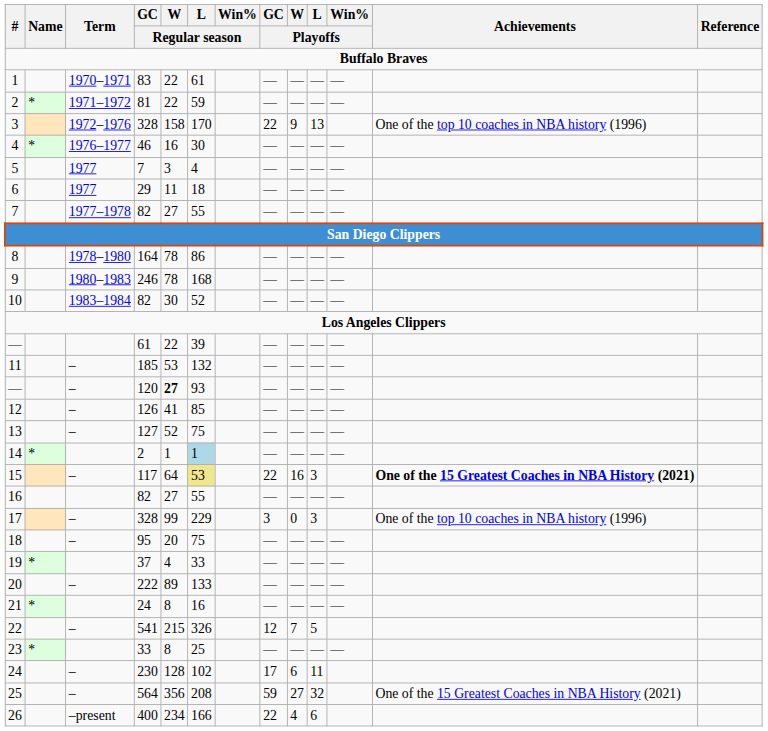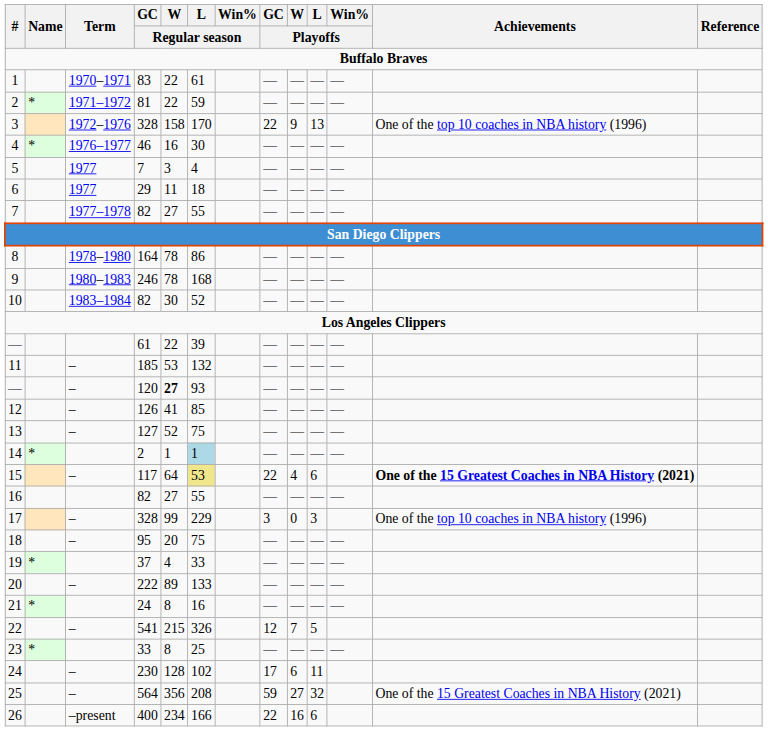 <table class="wikitable sortable">
 <tr>
 <th rowspan="2">#</th>
 <th rowspan="2">Name</th>
 <th rowspan="2">Term</th>
 <th>GC</th>
 <th>W</th>
 <th>L</th>
 <th>Win%</th>
 <th>GC</th>
 <th>W</th>
 <th>L</th>
 <th>Win%</th>
 <th rowspan="2" class=unsortable>Achievements</th>
 <th rowspan="2" class=unsortable>Reference</th>
 </tr>
 <tr class="unsortable">
 <th colspan="4">Regular season</th>
 <th colspan="4">Playoffs</th>
 </tr>
 <tr>
 <td align="center" colspan="16"><strong>Buffalo Braves</strong></td>
 </tr>
 <tr>
 <td align=center>1</td>
 <td></td>
 <td><a href='#'>1970</a>–<a href='#'>1971</a></td>
 <td>83</td>
 <td>22</td>
 <td>61</td>
 <td></td>
 <td>—</td>
 <td>—</td>
 <td>—</td>
 <td>—</td>
 <td></td>
 <td align=center></td>
 </tr>
 <tr>
 <td align=center>2</td>
 <td style="background:#dfd;">*</td>
 <td><a href='#'>1971–1972</a></td>
 <td>81</td>
 <td>22</td>
 <td>59</td>
 <td></td>
 <td>—</td>
 <td>—</td>
 <td>—</td>
 <td>—</td>
 <td></td>
 <td align=center></td>
 </tr>
 <tr>
 <td align=center>3</td>
 <td style="background:#ffe6bd;"></td>
 <td><a href='#'>1972</a>–<a href='#'>1976</a></td>
 <td>328</td>
 <td>158</td>
 <td>170</td>
 <td></td>
 <td>22</td>
 <td>9</td>
 <td>13</td>
 <td></td>
 <td>One of the <a href='#'>top 10 coaches in NBA history</a> (1996)</td>
 <td align=center></td>
 </tr>
 <tr>
 <td align=center>4</td>
 <td style="background:#dfd;">*</td>
 <td><a href='#'>1976–1977</a></td>
 <td>46</td>
 <td>16</td>
 <td>30</td>
 <td></td>
 <td>—</td>
 <td>—</td>
 <td>—</td>
 <td>—</td>
 <td></td>
 <td align=center></td>
 </tr>
 <tr>
 <td align=center>5</td>
 <td></td>
 <td><a href='#'>1977</a></td>
 <td>7</td>
 <td>3</td>
 <td>4</td>
 <td></td>
 <td>—</td>
 <td>—</td>
 <td>—</td>
 <td>—</td>
 <td></td>
 <td align=center></td>
 </tr>
 <tr>
 <td align=center>6</td>
 <td></td>
 <td><a href='#'>1977</a></td>
 <td>29</td>
 <td>11</td>
 <td>18</td>
 <td></td>
 <td>—</td>
 <td>—</td>
 <td>—</td>
 <td>—</td>
 <td></td>
 <td align=center></td>
 </tr>
 <tr>
 <td align=center>7</td>
 <td></td>
 <td><a href='#'>1977–1978</a></td>
 <td>82</td>
 <td>27</td>
 <td>55</td>
 <td></td>
 <td>—</td>
 <td>—</td>
 <td>—</td>
 <td>—</td>
 <td></td>
 <td align=center></td>
 </tr>
 <tr>
 <td align="center" colspan="16" style="background-color:#3E8ED3; color:#FFFFFF; border:2px solid #E24301;"><strong>San Diego Clippers</strong></td>
 </tr>
 <tr>
 <td align=center>8</td>
 <td></td>
 <td><a href='#'>1978</a>–<a href='#'>1980</a></td>
 <td>164</td>
 <td>78</td>
 <td>86</td>
 <td></td>
 <td>—</td>
 <td>—</td>
 <td>—</td>
 <td>—</td>
 <td></td>
 <td align=center></td>
 </tr>
 <tr>
 <td align=center>9</td>
 <td></td>
 <td><a href='#'>1980</a>–<a href='#'>1983</a></td>
 <td>246</td>
 <td>78</td>
 <td>168</td>
 <td></td>
 <td>—</td>
 <td>—</td>
 <td>—</td>
 <td>—</td>
 <td></td>
 <td align=center></td>
 </tr>
 <tr>
 <td align=center>10</td>
 <td></td>
 <td><a href='#'>1983–1984</a></td>
 <td>82</td>
 <td>30</td>
 <td>52</td>
 <td></td>
 <td>—</td>
 <td>—</td>
 <td>—</td>
 <td>—</td>
 <td></td>
 <td align=center></td>
 </tr>
 <tr>
 <td align="center" colspan="16"><strong>Los Angeles Clippers</strong></td>
 </tr>
 <tr>
 <td align=center>—</td>
 <td></td>
 <td></td>
 <td>61</td>
 <td>22</td>
 <td>39</td>
 <td></td>
 <td>—</td>
 <td>—</td>
 <td>—</td>
 <td>—</td>
 <td></td>
 <td align=center></td>
 </tr>
 <tr>
 <td align=center>11</td>
 <td></td>
 <td>–</td>
 <td>185</td>
 <td>53</td>
 <td>132</td>
 <td></td>
 <td>—</td>
 <td>—</td>
 <td>—</td>
 <td>—</td>
 <td></td>
 <td align=center></td>
 </tr>
 <tr>
 <td align=center>—</td>
 <td></td>
 <td>–</td>
 <td>120</td>
 <td><strong>27</strong></td>
 <td>93</td>
 <td></td>
 <td>—</td>
 <td>—</td>
 <td>—</td>
 <td>—</td>
 <td></td>
 <td align=center></td>
 </tr>
 <tr>
 <td align=center>12</td>
 <td></td>
 <td>–</td>
 <td>126</td>
 <td>41</td>
 <td>85</td>
 <td></td>
 <td>—</td>
 <td>—</td>
 <td>—</td>
 <td>—</td>
 <td></td>
 <td align=center></td>
 </tr>
 <tr>
 <td align=center>13</td>
 <td></td>
 <td>–</td>
 <td>127</td>
 <td>52</td>
 <td>75</td>
 <td></td>
 <td>—</td>
 <td>—</td>
 <td>—</td>
 <td>—</td>
 <td></td>
 <td align=center></td>
 </tr>
 <tr>
 <td align=center>14</td>
 <td style="background:#dfd;">*</td>
 <td></td>
 <td>2</td>
 <td>1</td>
 <td style="background: lightblue;">1</td>
 <td></td>
 <td>—</td>
 <td>—</td>
 <td>—</td>
 <td>—</td>
 <td></td>
 <td align=center></td>
 </tr>
 <tr>
 <td align=center>15</td>
 <td style="background:#ffe6bd;"></td>
 <td>–</td>
 <td>117</td>
 <td>64</td>
 <td style="background: khaki;">53</td>
 <td></td>
 <td>22</td>
-<td>16</td>
-<td>3</td>
+<td>4</td>
+<td>6</td>
 <td></td>
 <td><strong>One of the <a href='#'>15 Greatest Coaches in NBA History</a> (2021)</strong></td>
 <td align=center></td>
 </tr>
 <tr>
 <td align=center>16</td>
 <td></td>
 <td></td>
 <td>82</td>
 <td>27</td>
 <td>55</td>
 <td></td>
 <td>—</td>
 <td>—</td>
 <td>—</td>
 <td>—</td>
 <td></td>
 <td align=center></td>
 </tr>
 <tr>
 <td align=center>17</td>
 <td style="background-color:#FFE6BD"></td>
 <td>–</td>
 <td>328</td>
 <td>99</td>
 <td>229</td>
 <td></td>
 <td>3</td>
 <td>0</td>
 <td>3</td>
 <td></td>
 <td>One of the <a href='#'>top 10 coaches in NBA history</a> (1996)</td>
 <td align=center></td>
 </tr>
 <tr>
 <td align=center>18</td>
 <td></td>
 <td>–</td>
 <td>95</td>
 <td>20</td>
 <td>75</td>
 <td></td>
 <td>—</td>
 <td>—</td>
 <td>—</td>
 <td>—</td>
 <td></td>
 <td align=center></td>
 </tr>
 <tr>
 <td align=center>19</td>
 <td style="background:#dfd;">*</td>
 <td></td>
 <td>37</td>
 <td>4</td>
 <td>33</td>
 <td></td>
 <td>—</td>
 <td>—</td>
 <td>—</td>
 <td>—</td>
 <td></td>
 <td align=center></td>
 </tr>
 <tr>
 <td align=center>20</td>
 <td></td>
 <td>–</td>
 <td>222</td>
 <td>89</td>
 <td>133</td>
 <td></td>
 <td>—</td>
 <td>—</td>
 <td>—</td>
 <td>—</td>
 <td></td>
 <td align=center></td>
 </tr>
 <tr>
 <td align=center>21</td>
 <td style="background:#dfd;">*</td>
 <td></td>
 <td>24</td>
 <td>8</td>
 <td>16</td>
 <td></td>
 <td>—</td>
 <td>—</td>
 <td>—</td>
 <td>—</td>
 <td></td>
 <td align=center></td>
 </tr>
 <tr>
 <td align=center>22</td>
 <td></td>
 <td>–</td>
 <td>541</td>
 <td>215</td>
 <td>326</td>
 <td></td>
 <td>12</td>
 <td>7</td>
 <td>5</td>
 <td></td>
 <td></td>
 <td align=center></td>
 </tr>
 <tr>
 <td align=center>23</td>
 <td style="background:#dfd;">*</td>
 <td></td>
 <td>33</td>
 <td>8</td>
 <td>25</td>
 <td></td>
 <td>—</td>
 <td>—</td>
 <td>—</td>
 <td>—</td>
 <td></td>
 <td align=center></td>
 </tr>
 <tr>
 <td align=center>24</td>
 <td></td>
 <td>–</td>
 <td>230</td>
 <td>128</td>
 <td>102</td>
 <td></td>
 <td>17</td>
 <td>6</td>
 <td>11</td>
 <td></td>
 <td></td>
 <td align=center></td>
 </tr>
 <tr>
 <td align=center>25</td>
 <td></td>
 <td>–</td>
 <td>564</td>
 <td>356</td>
 <td>208</td>
 <td></td>
 <td>59</td>
 <td>27</td>
 <td>32</td>
 <td></td>
 <td>One of the <a href='#'>15 Greatest Coaches in NBA History</a> (2021)</td>
 <td align=center></td>
 </tr>
 <tr>
 <td align=center>26</td>
 <td></td>
 <td>–present</td>
 <td>400</td>
 <td>234</td>
 <td>166</td>
 <td></td>
 <td>22</td>
-<td>4</td>
+<td>16</td>
 <td>6</td>
 <td></td>
 <td></td>
 <td align=center></td>
 </tr>
 </table>
